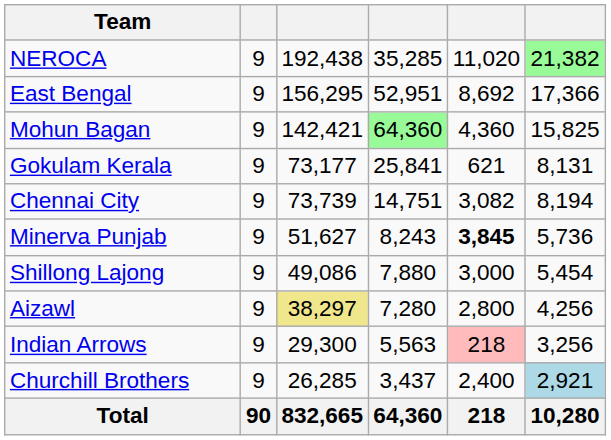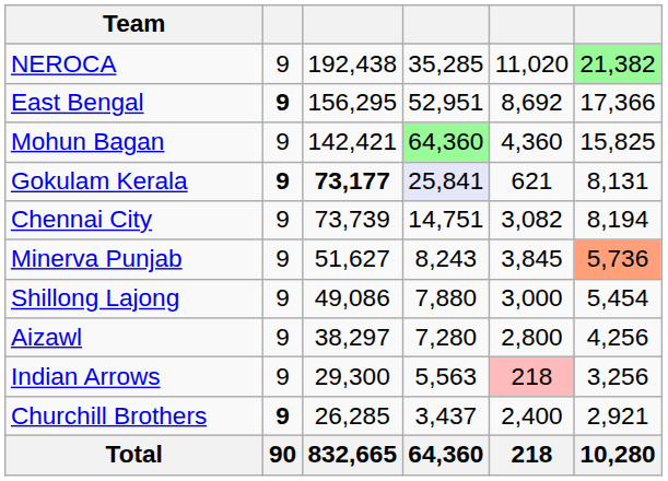 <table class="wikitable sortable">
 <tr>
 <th width=160>Team</th>
 <th></th>
 <th width=45></th>
 <th width=45></th>
 <th width=45></th>
 <th width=45></th>
 </tr>
 <tr>
 <td><a href='#'>NEROCA</a></td>
 <td align=center>9</td>
 <td align=center>192,438</td>
 <td align=center>35,285</td>
 <td align=center>11,020</td>
 <td align=center bgcolor="#98FB98">21,382<br></td>
 </tr>
 <tr>
 <td><a href='#'>East Bengal</a></td>
-<td align=center>9</td>
+<td align=center><strong>9</strong></td>
 <td align=center>156,295</td>
 <td align=center>52,951</td>
 <td align=center>8,692</td>
 <td align=center>17,366<br></td>
 </tr>
 <tr>
 <td><a href='#'>Mohun Bagan</a></td>
 <td align=center>9</td>
 <td align=center>142,421</td>
 <td align=center bgcolor="#98FB98">64,360</td>
 <td align=center>4,360</td>
 <td align=center>15,825<br></td>
 </tr>
 <tr>
 <td><a href='#'>Gokulam Kerala</a></td>
-<td align=center>9</td>
-<td align=center>73,177</td>
-<td align=center>25,841</td>
+<td align=center><strong>9</strong></td>
+<td align=center><strong>73,177</strong></td>
+<td align=center style="background: lavender;">25,841</td>
 <td align=center>621</td>
 <td align=center>8,131<br></td>
 </tr>
 <tr>
 <td><a href='#'>Chennai City</a></td>
 <td align=center>9</td>
 <td align=center>73,739</td>
 <td align=center>14,751</td>
 <td align=center>3,082</td>
 <td align=center>8,194<br></td>
 </tr>
 <tr>
 <td><a href='#'>Minerva Punjab</a></td>
 <td align=center>9</td>
 <td align=center>51,627</td>
 <td align=center>8,243</td>
-<td align=center><strong>3,845</strong></td>
-<td align=center>5,736<br></td>
+<td align=center>3,845</td>
+<td align=center style="background: lightsalmon;">5,736<br></td>
 </tr>
 <tr>
 <td><a href='#'>Shillong Lajong</a></td>
 <td align=center>9</td>
 <td align=center>49,086</td>
 <td align=center>7,880</td>
 <td align=center>3,000</td>
 <td align=center>5,454<br></td>
 </tr>
 <tr>
 <td><a href='#'>Aizawl</a></td>
 <td align=center>9</td>
-<td align=center style="background: khaki;">38,297</td>
+<td align=center>38,297</td>
 <td align=center>7,280</td>
 <td align=center>2,800</td>
 <td align=center>4,256<br></td>
 </tr>
 <tr>
 <td><a href='#'>Indian Arrows</a></td>
 <td align=center>9</td>
 <td align=center>29,300</td>
 <td align=center>5,563</td>
 <td align=center bgcolor="#FFBBBB">218</td>
 <td align=center>3,256<br></td>
 </tr>
 <tr>
 <td><a href='#'>Churchill Brothers</a></td>
-<td align=center>9</td>
+<td align=center><strong>9</strong></td>
 <td align=center>26,285</td>
 <td align=center>3,437</td>
 <td align=center>2,400</td>
-<td align=center style="background: lightblue;">2,921<br></td>
+<td align=center>2,921<br></td>
 </tr>
 <tr>
 <th>Total</th>
 <th align=center>90</th>
 <th align=center>832,665</th>
 <th align=center>64,360</th>
 <th align=center>218</th>
 <th align=center>10,280</th>
 </tr>
 </table>
